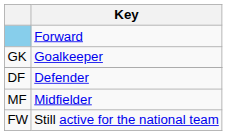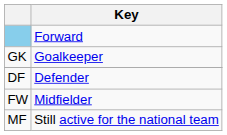 <table class="wikitable">
 <tr>
 <th></th>
 <th style="align: left">Key</th>
 </tr>
 <tr>
 <td style="background:#87CEEB"></td>
 <td><a href='#'>Forward</a></td>
 </tr>
 <tr>
 <td>GK</td>
 <td><a href='#'>Goalkeeper</a></td>
 </tr>
 <tr>
 </tr>
 <tr>
 <td>DF</td>
 <td><a href='#'>Defender</a></td>
 </tr>
 <tr>
-<td>MF</td>
+<td>FW</td>
 <td><a href='#'>Midfielder</a></td>
 </tr>
 <tr>
-<td>FW</td>
+<td>MF</td>
 <td>Still <a href='#'>active for the national team</a></td>
 </tr>
 </table>
